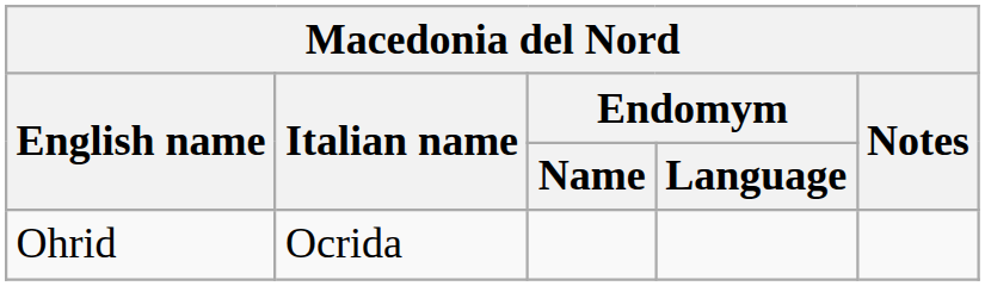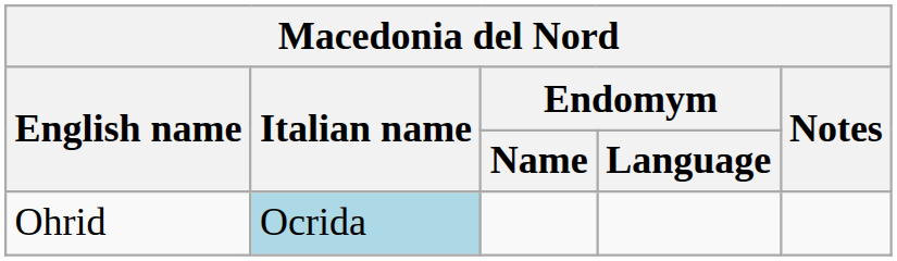 <table class="wikitable sortable">
 <tr>
 <th colspan="5"> Macedonia del Nord</th>
 </tr>
 <tr>
 <th rowspan="2">English name</th>
 <th rowspan="2">Italian name</th>
 <th colspan="2">Endomym</th>
 <th rowspan="2">Notes</th>
 </tr>
 <tr>
 <th>Name</th>
 <th>Language</th>
 </tr>
 <tr>
 <td>Ohrid</td>
-<td>Ocrida</td>
+<td style="background: lightblue;">Ocrida</td>
 <td></td>
 <td></td>
 <td></td>
 </tr>
 </table>
